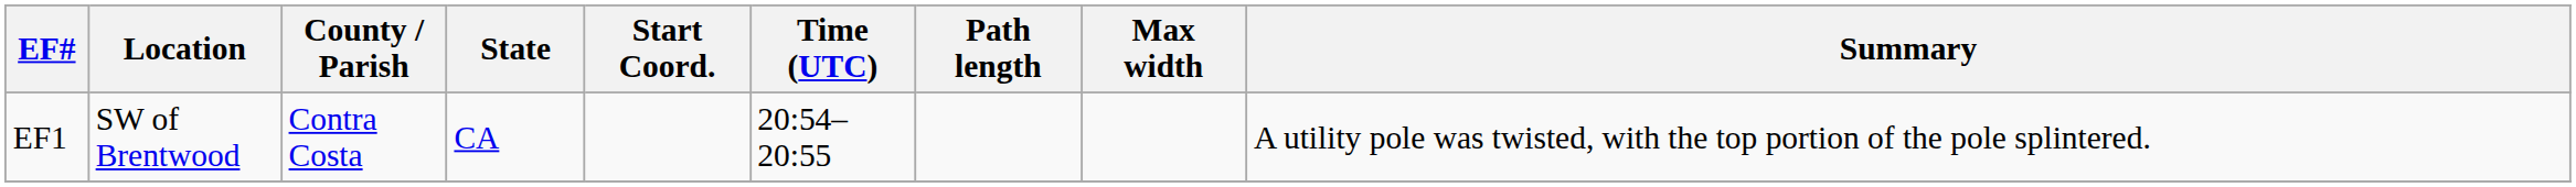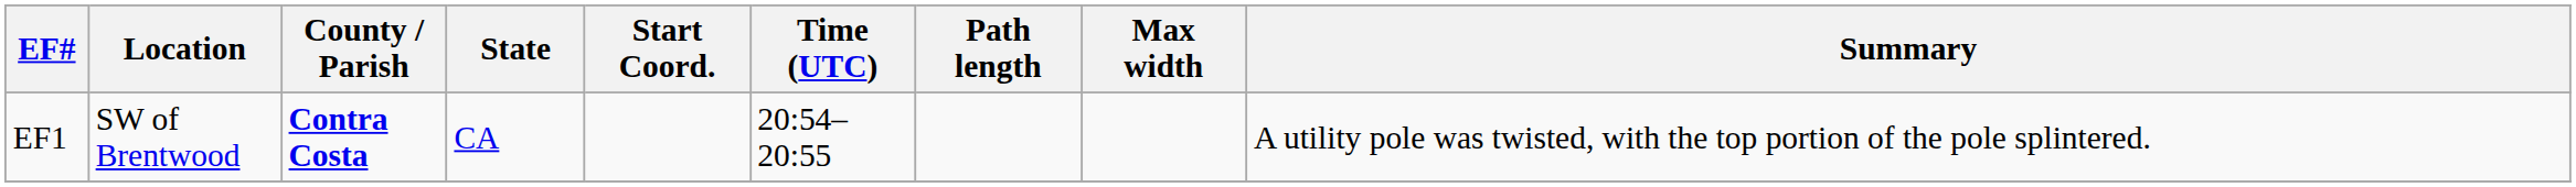 <table class="wikitable sortable" style="width:100%;">
 <tr>
 <th scope="col" width="3%" align="center"><a href='#'>EF#</a></th>
 <th scope="col" width="7%" align="center" class="unsortable">Location</th>
 <th scope="col" width="6%" align="center" class="unsortable">County / Parish</th>
 <th scope="col" width="5%" align="center">State</th>
 <th scope="col" width="6%" align="center">Start Coord.</th>
 <th scope="col" width="6%" align="center">Time (<a href='#'>UTC</a>)</th>
 <th scope="col" width="6%" align="center">Path length</th>
 <th scope="col" width="6%" align="center">Max width</th>
 <th scope="col" width="48%" class="unsortable" align="center">Summary</th>
 </tr>
 <tr>
 <td>EF1</td>
 <td>SW of <a href='#'>Brentwood</a></td>
-<td><a href='#'>Contra Costa</a></td>
+<td><strong><a href='#'>Contra Costa</a></strong></td>
 <td><a href='#'>CA</a></td>
 <td></td>
 <td>20:54–20:55</td>
 <td></td>
 <td></td>
 <td>A utility pole was twisted, with the top portion of the pole splintered.</td>
 </tr>
 <tr>
 </tr>
 </table>
